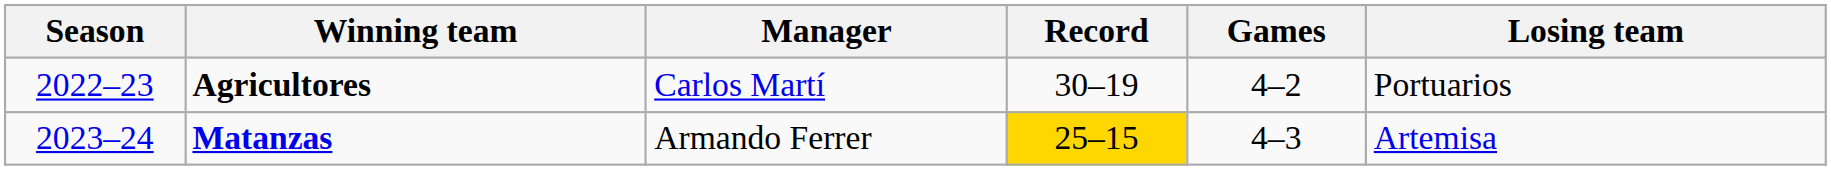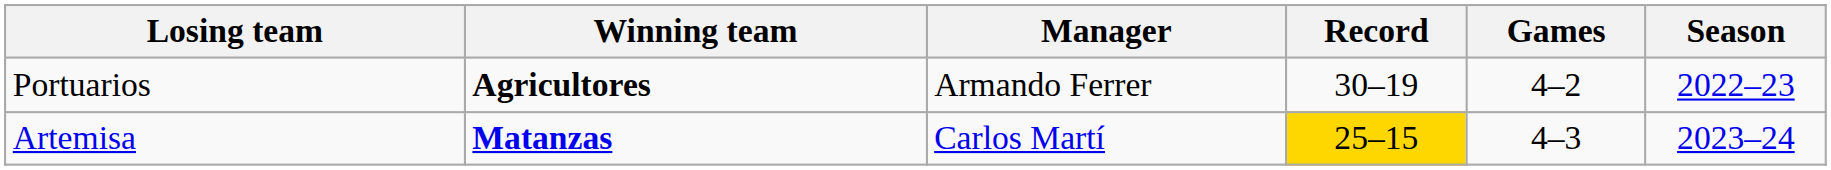 <table class="wikitable sortable">
 <tr>
-<th width="80">Season</th>
+<th width="220">Losing team</th>
 <th width="220">Winning team</th>
 <th width="170">Manager</th>
 <th width="80">Record</th>
 <th width="80">Games</th>
-<th width="220">Losing team</th>
+<th width="80">Season</th>
 </tr>
 <tr>
-<td align="center"><a href='#'>2022–23</a></td>
+<td>Portuarios </td>
 <td><strong>Agricultores</strong> </td>
-<td><a href='#'>Carlos Martí</a></td>
+<td>Armando Ferrer</td>
 <td align="center">30–19</td>
 <td align="center">4–2</td>
-<td>Portuarios </td>
+<td align="center"><a href='#'>2022–23</a></td>
 </tr>
 <tr>
-<td align="center"><a href='#'>2023–24</a></td>
+<td><a href='#'>Artemisa</a></td>
 <td><strong><a href='#'>Matanzas</a></strong></td>
-<td>Armando Ferrer</td>
+<td><a href='#'>Carlos Martí</a></td>
 <td align="center" style="background: gold;">25–15</td>
 <td align="center">4–3</td>
-<td><a href='#'>Artemisa</a></td>
+<td align="center"><a href='#'>2023–24</a></td>
 </tr>
 </table>
